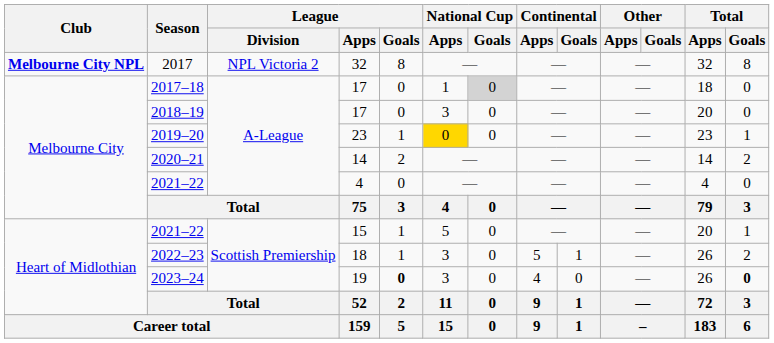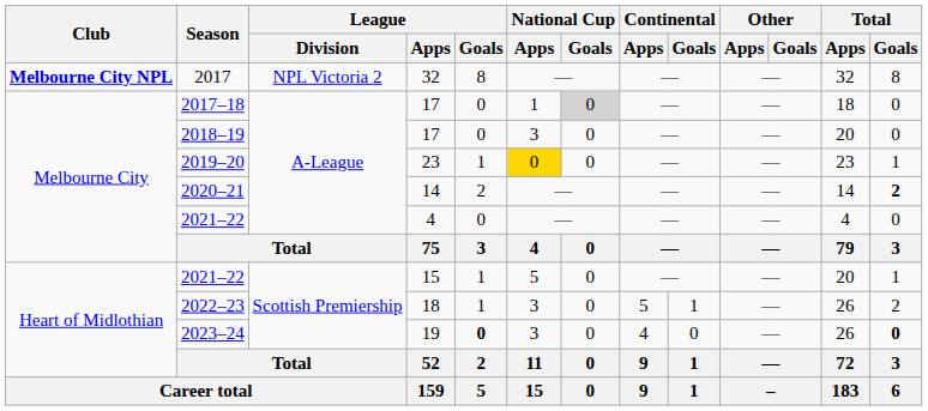 <table class="wikitable" style="text-align:center">
 <tr>
 <th rowspan=2>Club</th>
 <th rowspan=2>Season</th>
 <th colspan=3>League</th>
 <th colspan=2>National Cup</th>
 <th colspan=2>Continental</th>
 <th colspan=2>Other</th>
 <th colspan=2>Total</th>
 </tr>
 <tr>
 <th>Division</th>
 <th>Apps</th>
 <th>Goals</th>
 <th>Apps</th>
 <th>Goals</th>
 <th>Apps</th>
 <th>Goals</th>
 <th>Apps</th>
 <th>Goals</th>
 <th>Apps</th>
 <th>Goals</th>
 </tr>
 <tr>
 <td><strong><a href='#'>Melbourne City NPL</a></strong></td>
 <td>2017</td>
 <td><a href='#'>NPL Victoria 2</a></td>
 <td>32</td>
 <td>8</td>
 <td colspan=2>—</td>
 <td colspan=2>—</td>
 <td colspan=2>—</td>
 <td>32</td>
 <td>8</td>
 </tr>
 <tr>
 <td rowspan="6"><a href='#'>Melbourne City</a></td>
 <td><a href='#'>2017–18</a></td>
 <td rowspan="5"><a href='#'>A-League</a></td>
 <td>17</td>
 <td>0</td>
 <td>1</td>
 <td style="background: lightgrey;">0</td>
 <td colspan=2>—</td>
 <td colspan=2>—</td>
 <td>18</td>
 <td>0</td>
 </tr>
 <tr>
 <td><a href='#'>2018–19</a></td>
 <td>17</td>
 <td>0</td>
 <td>3</td>
 <td>0</td>
 <td colspan=2>—</td>
 <td colspan=2>—</td>
 <td>20</td>
 <td>0</td>
 </tr>
 <tr>
 <td><a href='#'>2019–20</a></td>
 <td>23</td>
 <td>1</td>
 <td style="background: gold;">0</td>
 <td>0</td>
 <td colspan=2>—</td>
 <td colspan=2>—</td>
 <td>23</td>
 <td>1</td>
 </tr>
 <tr>
 <td><a href='#'>2020–21</a></td>
 <td>14</td>
 <td>2</td>
 <td colspan=2>—</td>
 <td colspan=2>—</td>
 <td colspan=2>—</td>
 <td>14</td>
-<td>2</td>
+<td><strong>2</strong></td>
 </tr>
 <tr>
 <td><a href='#'>2021–22</a></td>
 <td>4</td>
 <td>0</td>
 <td colspan=2>—</td>
 <td colspan=2>—</td>
 <td colspan=2>—</td>
 <td>4</td>
 <td>0</td>
 </tr>
 <tr>
 <th colspan="2">Total</th>
 <th>75</th>
 <th>3</th>
 <th>4</th>
 <th>0</th>
 <th colspan=2>—</th>
 <th colspan=2>—</th>
 <th>79</th>
 <th>3</th>
 </tr>
 <tr>
 <td rowspan="4"><a href='#'>Heart of Midlothian</a></td>
 <td><a href='#'>2021–22</a></td>
 <td rowspan="3"><a href='#'>Scottish Premiership</a></td>
 <td>15</td>
 <td>1</td>
 <td>5</td>
 <td>0</td>
 <td colspan=2>—</td>
 <td colspan=2>—</td>
 <td>20</td>
 <td>1</td>
 </tr>
 <tr>
 <td><a href='#'>2022–23</a></td>
 <td>18</td>
 <td>1</td>
 <td>3</td>
 <td>0</td>
 <td>5</td>
 <td>1</td>
 <td colspan=2>—</td>
 <td>26</td>
 <td>2</td>
 </tr>
 <tr>
 <td><a href='#'>2023–24</a></td>
 <td>19</td>
 <td><strong>0</strong></td>
 <td>3</td>
 <td>0</td>
 <td>4</td>
 <td>0</td>
 <td colspan=2>—</td>
 <td>26</td>
 <td><strong>0</strong></td>
 </tr>
 <tr>
 <th colspan="2">Total</th>
 <th>52</th>
 <th>2</th>
 <th>11</th>
 <th>0</th>
 <th>9</th>
 <th>1</th>
 <th colspan=2>—</th>
 <th>72</th>
 <th>3</th>
 </tr>
 <tr>
 <th colspan="3">Career total</th>
 <th>159</th>
 <th>5</th>
 <th>15</th>
 <th>0</th>
 <th>9</th>
 <th>1</th>
 <th colspan="2">–</th>
 <th>183</th>
 <th>6</th>
 </tr>
 </table>
